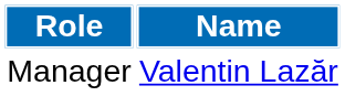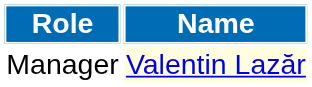 <table class="toccolours">
 <tr>
 <th style="background:#006cb5;color:#fefefe;border:1px solid #fefefe;">Role</th>
 <th style="background:#006cb5;color:#fefefe;border:1px solid #fefefe;">Name</th>
 </tr>
 <tr>
 <td>Manager</td>
-<td> <a href='#'>Valentin Lazăr</a></td>
+<td style="background: lightyellow;"> <a href='#'>Valentin Lazăr</a></td>
 </tr>
 </table>
